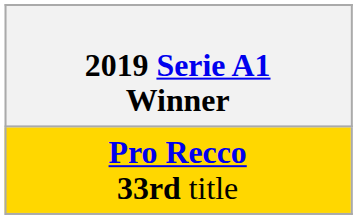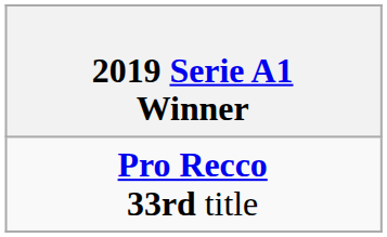 <table class=wikitable style="text-align:center; width:175px; margin:auto">
 <tr>
 <th><br> 2019 <a href='#'>Serie A1</a><br>Winner</th>
 </tr>
 <tr>
-<td style="background: gold;"><strong><a href='#'>Pro Recco</a></strong><br><strong>33rd</strong> title</td>
+<td><strong><a href='#'>Pro Recco</a></strong><br><strong>33rd</strong> title</td>
 </tr>
 </table>
